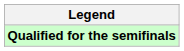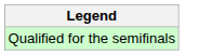 <table class="wikitable">
 <tr>
 <th>Legend</th>
 </tr>
 <tr style="background:#cfc;">
-<td><strong>Qualified for the semifinals</strong></td>
+<td>Qualified for the semifinals</td>
 </tr>
 </table>
